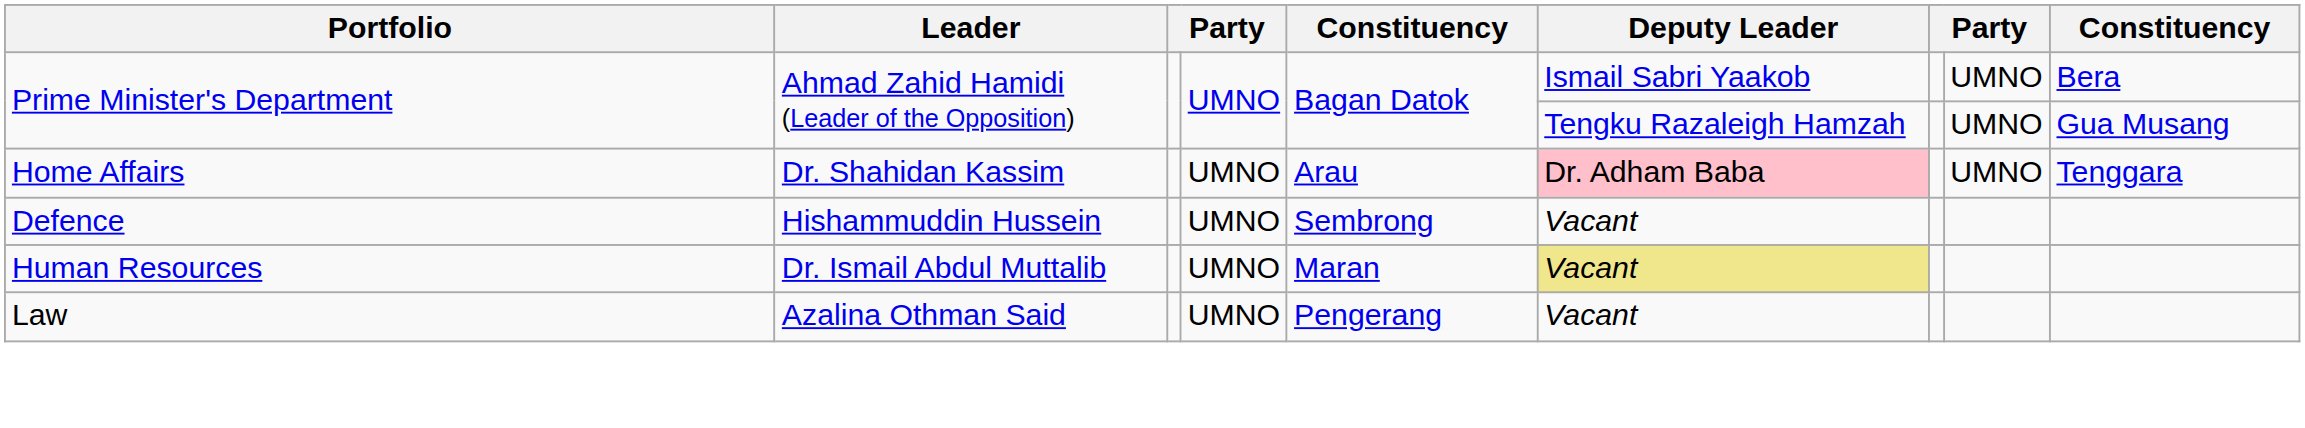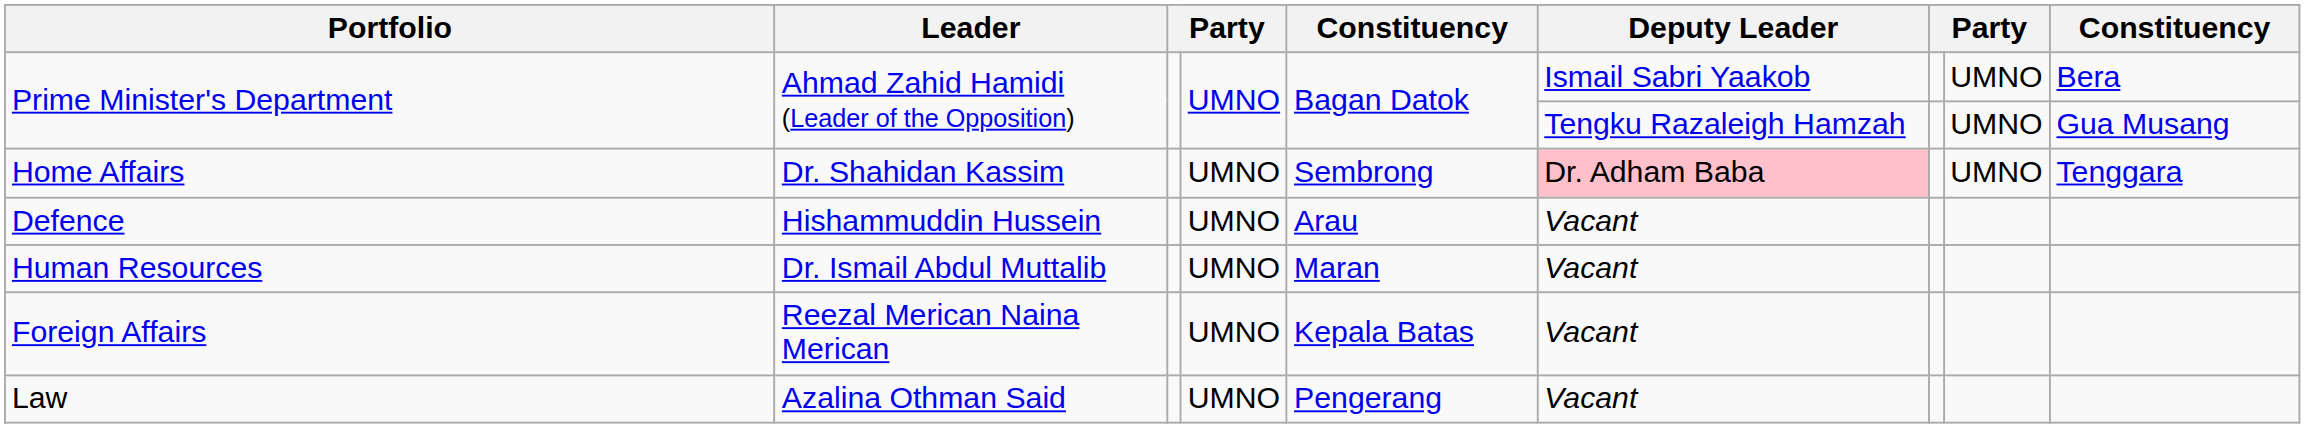 <table class="wikitable">
 <tr>
 <th width=400px>Portfolio</th>
 <th width=200px>Leader</th>
 <th colspan="2">Party</th>
 <th width=125px>Constituency</th>
 <th width=200px>Deputy Leader</th>
 <th colspan="2">Party</th>
 <th width=125px>Constituency</th>
 </tr>
 <tr>
 <td rowspan="2"><a href='#'>Prime Minister's Department</a></td>
 <td rowspan="2"><a href='#'>Ahmad Zahid Hamidi</a><br><small>(<a href='#'>Leader of the Opposition</a>)</small></td>
 <td rowspan="2"></td>
 <td rowspan="2"><a href='#'>UMNO</a></td>
 <td rowspan="2"><a href='#'>Bagan Datok</a></td>
 <td><a href='#'>Ismail Sabri Yaakob</a></td>
 <td></td>
 <td>UMNO</td>
 <td><a href='#'>Bera</a></td>
 </tr>
 <tr>
 <td><a href='#'>Tengku Razaleigh Hamzah</a></td>
 <td></td>
 <td>UMNO</td>
 <td><a href='#'>Gua Musang</a></td>
 </tr>
 <tr>
 <td><a href='#'>Home Affairs</a></td>
 <td><a href='#'>Dr. Shahidan Kassim</a></td>
 <td></td>
 <td>UMNO</td>
-<td><a href='#'>Arau</a></td>
+<td><a href='#'>Sembrong</a></td>
 <td style="background: pink;">Dr. Adham Baba</td>
 <td></td>
 <td>UMNO</td>
 <td><a href='#'>Tenggara</a></td>
 </tr>
 <tr>
 <td><a href='#'>Defence</a></td>
 <td><a href='#'>Hishammuddin Hussein</a></td>
 <td></td>
 <td>UMNO</td>
-<td><a href='#'>Sembrong</a></td>
+<td><a href='#'>Arau</a></td>
 <td><em>Vacant</em></td>
 <td></td>
 <td></td>
 <td></td>
 </tr>
 <tr>
 <td><a href='#'>Human Resources</a></td>
 <td><a href='#'>Dr. Ismail Abdul Muttalib</a></td>
 <td></td>
 <td>UMNO</td>
 <td><a href='#'>Maran</a></td>
-<td style="background: khaki;"><em>Vacant</em></td>
+<td><em>Vacant</em></td>
+<td></td>
+<td></td>
+<td></td>
+</tr>
+<tr>
+<td><a href='#'>Foreign Affairs</a></td>
+<td><a href='#'>Reezal Merican Naina Merican</a></td>
+<td></td>
+<td>UMNO</td>
+<td><a href='#'>Kepala Batas</a></td>
+<td><em>Vacant</em></td>
 <td></td>
 <td></td>
 <td></td>
 </tr>
 <tr>
 <td>Law</td>
 <td><a href='#'>Azalina Othman Said</a></td>
 <td></td>
 <td>UMNO</td>
 <td><a href='#'>Pengerang</a></td>
 <td><em>Vacant</em></td>
 <td></td>
 <td></td>
 <td></td>
 </tr>
 </table>
